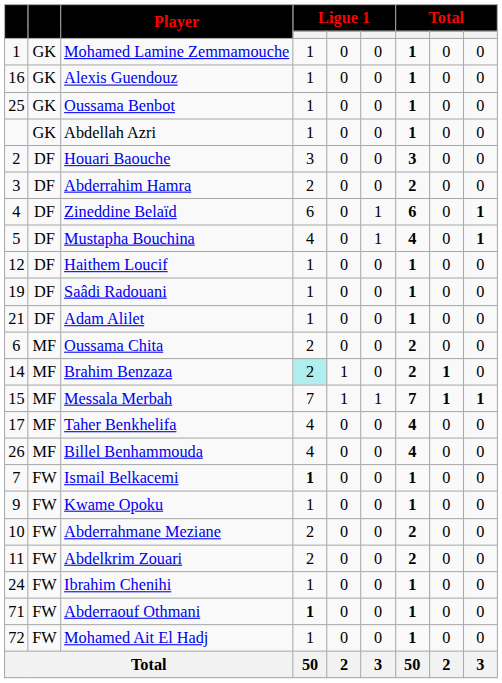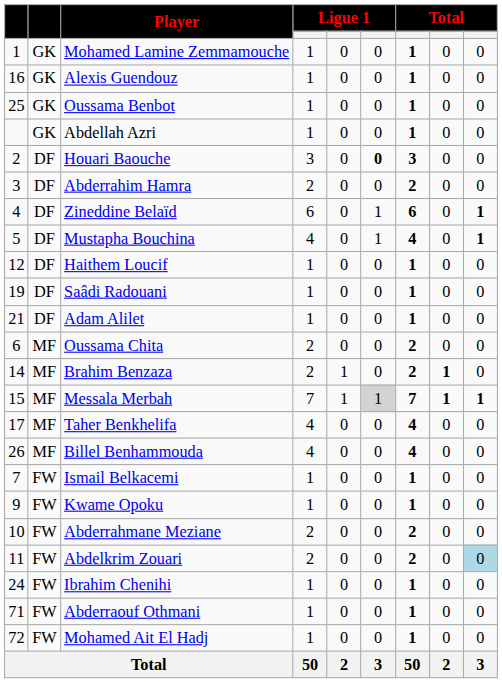 <table class="wikitable sortable nowrap" style="font-size: 96%; text-align: center;">
 <tr>
 <th rowspan="2" style="background:black; color:red; text-align:center;"></th>
 <th rowspan="2" style="background:black; color:red; text-align:center;"></th>
 <th rowspan="2" style="background:black; color:red; text-align:center;">Player</th>
 <th colspan="3" style="background:black; color:red; text-align:center;">Ligue 1</th>
 <th colspan="3" style="background:black; color:red; text-align:center;">Total</th>
 </tr>
 <tr>
 <th width=25></th>
 <th width=25></th>
 <th width=25></th>
 <th width=25></th>
 <th width=25></th>
 <th width=25></th>
 </tr>
 <tr>
 <td>1</td>
 <td>GK</td>
 <td style="text-align:left"> <a href='#'>Mohamed Lamine Zemmamouche</a></td>
 <td>1</td>
 <td>0</td>
 <td>0</td>
 <td><strong>1</strong></td>
 <td>0</td>
 <td>0</td>
 </tr>
 <tr>
 <td>16</td>
 <td>GK</td>
 <td style="text-align:left"> <a href='#'>Alexis Guendouz</a></td>
 <td>1</td>
 <td>0</td>
 <td>0</td>
 <td><strong>1</strong></td>
 <td>0</td>
 <td>0</td>
 </tr>
 <tr>
 <td>25</td>
 <td>GK</td>
 <td style="text-align:left"> <a href='#'>Oussama Benbot</a></td>
 <td>1</td>
 <td>0</td>
 <td>0</td>
 <td><strong>1</strong></td>
 <td>0</td>
 <td>0</td>
 </tr>
 <tr>
 <td></td>
 <td>GK</td>
 <td style="text-align:left"> Abdellah Azri</td>
 <td>1</td>
 <td>0</td>
 <td>0</td>
 <td><strong>1</strong></td>
 <td>0</td>
 <td>0</td>
 </tr>
 <tr>
 <td>2</td>
 <td>DF</td>
 <td style="text-align:left"> <a href='#'>Houari Baouche</a></td>
 <td>3</td>
 <td>0</td>
-<td>0</td>
+<td><strong>0</strong></td>
 <td><strong>3</strong></td>
 <td>0</td>
 <td>0</td>
 </tr>
 <tr>
 <td>3</td>
 <td>DF</td>
 <td style="text-align:left"> <a href='#'>Abderrahim Hamra</a></td>
 <td>2</td>
 <td>0</td>
 <td>0</td>
 <td><strong>2</strong></td>
 <td>0</td>
 <td>0</td>
 </tr>
 <tr>
 <td>4</td>
 <td>DF</td>
 <td style="text-align:left"> <a href='#'>Zineddine Belaïd</a></td>
 <td>6</td>
 <td>0</td>
 <td>1</td>
 <td><strong>6</strong></td>
 <td>0</td>
 <td><strong>1</strong></td>
 </tr>
 <tr>
 <td>5</td>
 <td>DF</td>
 <td style="text-align:left"> <a href='#'>Mustapha Bouchina</a></td>
 <td>4</td>
 <td>0</td>
 <td>1</td>
 <td><strong>4</strong></td>
 <td>0</td>
 <td><strong>1</strong></td>
 </tr>
 <tr>
 <td>12</td>
 <td>DF</td>
 <td style="text-align:left"> <a href='#'>Haithem Loucif</a></td>
 <td>1</td>
 <td>0</td>
 <td>0</td>
 <td><strong>1</strong></td>
 <td>0</td>
 <td>0</td>
 </tr>
 <tr>
 <td>19</td>
 <td>DF</td>
 <td style="text-align:left"> <a href='#'>Saâdi Radouani</a></td>
 <td>1</td>
 <td>0</td>
 <td>0</td>
 <td><strong>1</strong></td>
 <td>0</td>
 <td>0</td>
 </tr>
 <tr>
 <td>21</td>
 <td>DF</td>
 <td style="text-align:left"> <a href='#'>Adam Alilet</a></td>
 <td>1</td>
 <td>0</td>
 <td>0</td>
 <td><strong>1</strong></td>
 <td>0</td>
 <td>0</td>
 </tr>
 <tr>
 <td>6</td>
 <td>MF</td>
 <td style="text-align:left"> <a href='#'>Oussama Chita</a></td>
 <td>2</td>
 <td>0</td>
 <td>0</td>
 <td><strong>2</strong></td>
 <td>0</td>
 <td>0</td>
 </tr>
 <tr>
 <td>14</td>
 <td>MF</td>
 <td style="text-align:left"> <a href='#'>Brahim Benzaza</a></td>
-<td style="background: paleturquoise;">2</td>
+<td>2</td>
 <td>1</td>
 <td>0</td>
 <td><strong>2</strong></td>
 <td><strong>1</strong></td>
 <td>0</td>
 </tr>
 <tr>
 <td>15</td>
 <td>MF</td>
 <td style="text-align:left"> <a href='#'>Messala Merbah</a></td>
 <td>7</td>
 <td>1</td>
-<td>1</td>
+<td style="background: lightgrey;">1</td>
 <td><strong>7</strong></td>
 <td><strong>1</strong></td>
 <td><strong>1</strong></td>
 </tr>
 <tr>
 <td>17</td>
 <td>MF</td>
 <td style="text-align:left"> <a href='#'>Taher Benkhelifa</a></td>
 <td>4</td>
 <td>0</td>
 <td>0</td>
 <td><strong>4</strong></td>
 <td>0</td>
 <td>0</td>
 </tr>
 <tr>
 <td>26</td>
 <td>MF</td>
 <td style="text-align:left"> <a href='#'>Billel Benhammouda</a></td>
 <td>4</td>
 <td>0</td>
 <td>0</td>
 <td><strong>4</strong></td>
 <td>0</td>
 <td>0</td>
 </tr>
 <tr>
 <td>7</td>
 <td>FW</td>
 <td style="text-align:left"> <a href='#'>Ismail Belkacemi</a></td>
-<td><strong>1</strong></td>
+<td>1</td>
 <td>0</td>
 <td>0</td>
 <td><strong>1</strong></td>
 <td>0</td>
 <td>0</td>
 </tr>
 <tr>
 <td>9</td>
 <td>FW</td>
 <td style="text-align:left"> <a href='#'>Kwame Opoku</a></td>
 <td>1</td>
 <td>0</td>
 <td>0</td>
 <td><strong>1</strong></td>
 <td>0</td>
 <td>0</td>
 </tr>
 <tr>
 <td>10</td>
 <td>FW</td>
 <td style="text-align:left"> <a href='#'>Abderrahmane Meziane</a></td>
 <td>2</td>
 <td>0</td>
 <td>0</td>
 <td><strong>2</strong></td>
 <td>0</td>
 <td>0</td>
 </tr>
 <tr>
 <td>11</td>
 <td>FW</td>
 <td style="text-align:left"> <a href='#'>Abdelkrim Zouari</a></td>
 <td>2</td>
 <td>0</td>
 <td>0</td>
 <td><strong>2</strong></td>
 <td>0</td>
-<td>0</td>
+<td style="background: lightblue;">0</td>
 </tr>
 <tr>
 <td>24</td>
 <td>FW</td>
 <td style="text-align:left"> <a href='#'>Ibrahim Chenihi</a></td>
 <td>1</td>
 <td>0</td>
 <td>0</td>
 <td><strong>1</strong></td>
 <td>0</td>
 <td>0</td>
 </tr>
 <tr>
 <td>71</td>
 <td>FW</td>
 <td style="text-align:left"> <a href='#'>Abderraouf Othmani</a></td>
-<td><strong>1</strong></td>
+<td>1</td>
 <td>0</td>
 <td>0</td>
 <td><strong>1</strong></td>
 <td>0</td>
 <td>0</td>
 </tr>
 <tr>
 <td>72</td>
 <td>FW</td>
 <td style="text-align:left"> <a href='#'>Mohamed Ait El Hadj</a></td>
 <td>1</td>
 <td>0</td>
 <td>0</td>
 <td><strong>1</strong></td>
 <td>0</td>
 <td>0</td>
 </tr>
 <tr>
 <th colspan="3">Total</th>
 <th>50</th>
 <th>2</th>
 <th>3</th>
 <th>50</th>
 <th>2</th>
 <th>3</th>
 </tr>
 </table>
